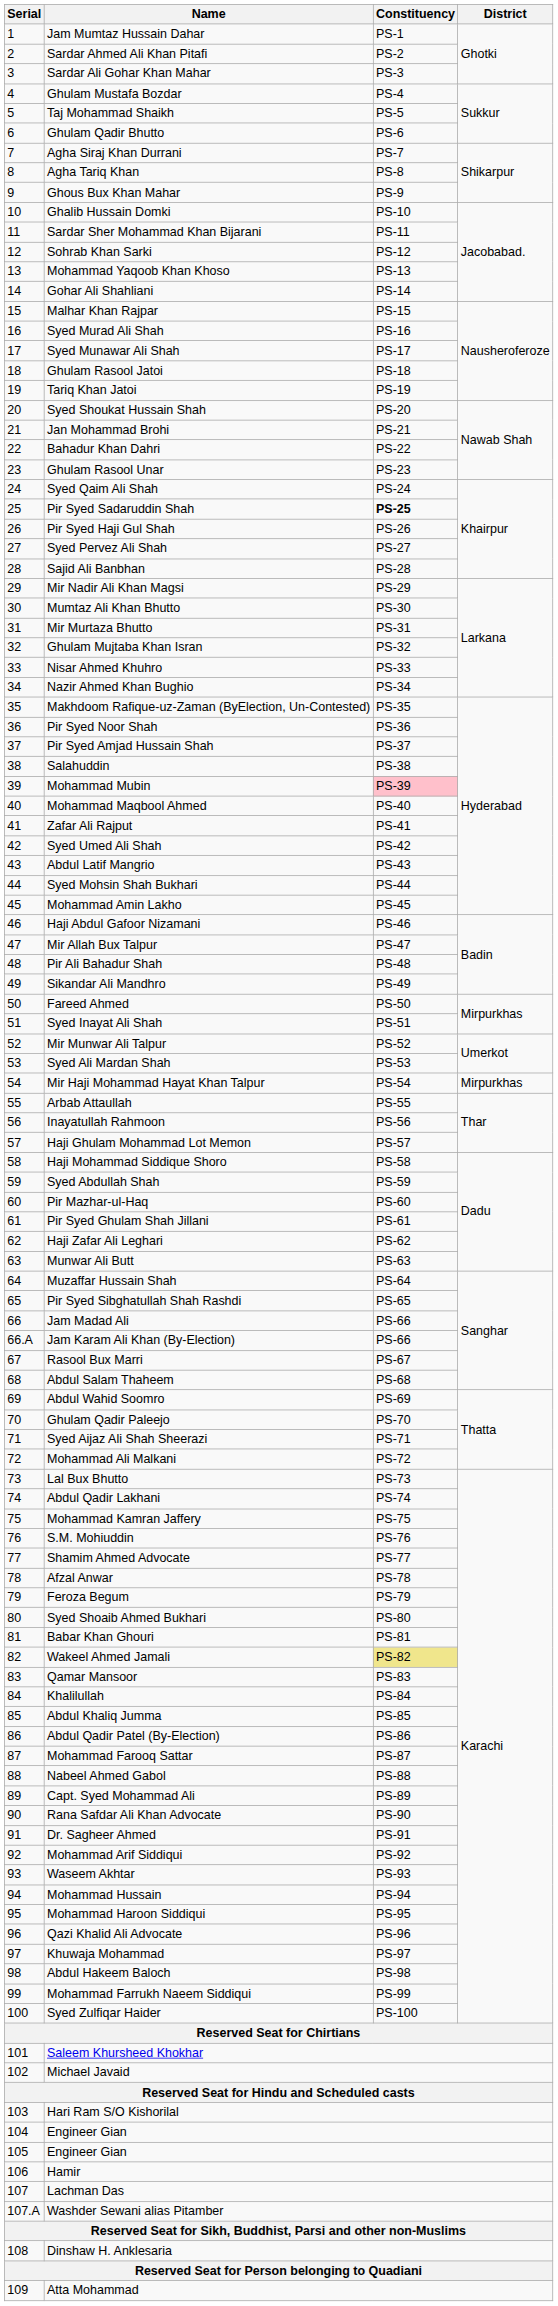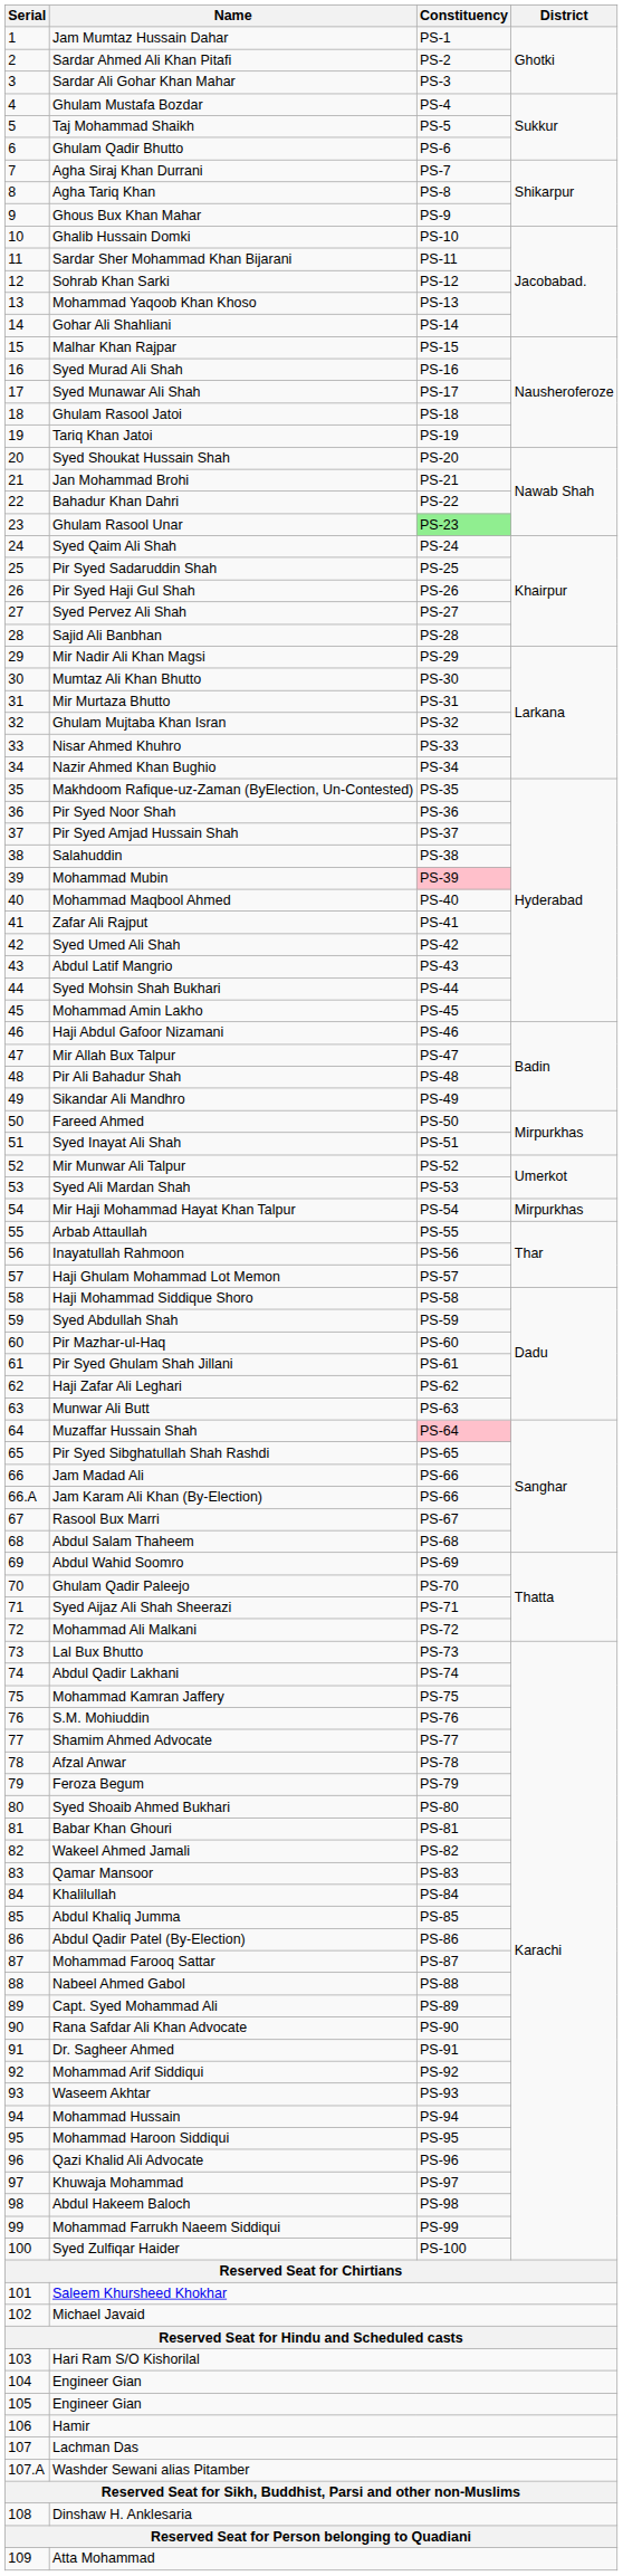 <table class="wikitable">
 <tr>
 <th>Serial</th>
 <th>Name</th>
 <th>Constituency</th>
 <th>District</th>
 </tr>
 <tr>
 <td>1</td>
 <td>Jam Mumtaz Hussain Dahar</td>
 <td>PS-1</td>
 <td rowspan="3">Ghotki</td>
 </tr>
 <tr>
 <td>2</td>
 <td>Sardar Ahmed Ali Khan Pitafi</td>
 <td>PS-2</td>
 </tr>
 <tr>
 <td>3</td>
 <td>Sardar Ali Gohar Khan Mahar</td>
 <td>PS-3</td>
 </tr>
 <tr>
 <td>4</td>
 <td>Ghulam Mustafa Bozdar</td>
 <td>PS-4</td>
 <td rowspan="3">Sukkur</td>
 </tr>
 <tr>
 <td>5</td>
 <td>Taj Mohammad Shaikh</td>
 <td>PS-5</td>
 </tr>
 <tr>
 <td>6</td>
 <td>Ghulam Qadir Bhutto</td>
 <td>PS-6</td>
 </tr>
 <tr>
 <td>7</td>
 <td>Agha Siraj Khan Durrani</td>
 <td>PS-7</td>
 <td rowspan="3">Shikarpur</td>
 </tr>
 <tr>
 <td>8</td>
 <td>Agha Tariq Khan</td>
 <td>PS-8</td>
 </tr>
 <tr>
 <td>9</td>
 <td>Ghous Bux Khan Mahar</td>
 <td>PS-9</td>
 </tr>
 <tr>
 <td>10</td>
 <td>Ghalib Hussain Domki</td>
 <td>PS-10</td>
 <td rowspan="5">Jacobabad.</td>
 </tr>
 <tr>
 <td>11</td>
 <td>Sardar Sher Mohammad Khan Bijarani</td>
 <td>PS-11</td>
 </tr>
 <tr>
 <td>12</td>
 <td>Sohrab Khan Sarki</td>
 <td>PS-12</td>
 </tr>
 <tr>
 <td>13</td>
 <td>Mohammad Yaqoob Khan Khoso</td>
 <td>PS-13</td>
 </tr>
 <tr>
 <td>14</td>
 <td>Gohar Ali Shahliani</td>
 <td>PS-14</td>
 </tr>
 <tr>
 <td>15</td>
 <td>Malhar Khan Rajpar</td>
 <td>PS-15</td>
 <td rowspan="5">Nausheroferoze</td>
 </tr>
 <tr>
 <td>16</td>
 <td>Syed Murad Ali Shah</td>
 <td>PS-16</td>
 </tr>
 <tr>
 <td>17</td>
 <td>Syed Munawar Ali Shah</td>
 <td>PS-17</td>
 </tr>
 <tr>
 <td>18</td>
 <td>Ghulam Rasool Jatoi</td>
 <td>PS-18</td>
 </tr>
 <tr>
 <td>19</td>
 <td>Tariq Khan Jatoi</td>
 <td>PS-19</td>
 </tr>
 <tr>
 <td>20</td>
 <td>Syed Shoukat Hussain Shah</td>
 <td>PS-20</td>
 <td rowspan="4">Nawab Shah</td>
 </tr>
 <tr>
 <td>21</td>
 <td>Jan Mohammad Brohi</td>
 <td>PS-21</td>
 </tr>
 <tr>
 <td>22</td>
 <td>Bahadur Khan Dahri</td>
 <td>PS-22</td>
 </tr>
 <tr>
 <td>23</td>
 <td>Ghulam Rasool Unar</td>
-<td>PS-23</td>
+<td style="background: lightgreen;">PS-23</td>
 </tr>
 <tr>
 <td>24</td>
 <td>Syed Qaim Ali Shah</td>
 <td>PS-24</td>
 <td rowspan="5">Khairpur</td>
 </tr>
 <tr>
 <td>25</td>
 <td>Pir Syed Sadaruddin Shah</td>
-<td><strong>PS-25</strong></td>
+<td>PS-25</td>
 </tr>
 <tr>
 <td>26</td>
 <td>Pir Syed Haji Gul Shah</td>
 <td>PS-26</td>
 </tr>
 <tr>
 <td>27</td>
 <td>Syed Pervez Ali Shah</td>
 <td>PS-27</td>
 </tr>
 <tr>
 <td>28</td>
 <td>Sajid Ali Banbhan</td>
 <td>PS-28</td>
 </tr>
 <tr>
 <td>29</td>
 <td>Mir Nadir Ali Khan Magsi</td>
 <td>PS-29</td>
 <td rowspan="6">Larkana</td>
 </tr>
 <tr>
 <td>30</td>
 <td>Mumtaz Ali Khan Bhutto</td>
 <td>PS-30</td>
 </tr>
 <tr>
 <td>31</td>
 <td>Mir Murtaza Bhutto</td>
 <td>PS-31</td>
 </tr>
 <tr>
 <td>32</td>
 <td>Ghulam Mujtaba Khan Isran</td>
 <td>PS-32</td>
 </tr>
 <tr>
 <td>33</td>
 <td>Nisar Ahmed Khuhro</td>
 <td>PS-33</td>
 </tr>
 <tr>
 <td>34</td>
 <td>Nazir Ahmed Khan Bughio</td>
 <td>PS-34</td>
 </tr>
 <tr>
 <td>35</td>
 <td>Makhdoom Rafique-uz-Zaman (ByElection, Un-Contested)</td>
 <td>PS-35</td>
 <td rowspan="11">Hyderabad</td>
 </tr>
 <tr>
 <td>36</td>
 <td>Pir Syed Noor Shah</td>
 <td>PS-36</td>
 </tr>
 <tr>
 <td>37</td>
 <td>Pir Syed Amjad Hussain Shah</td>
 <td>PS-37</td>
 </tr>
 <tr>
 <td>38</td>
 <td>Salahuddin</td>
 <td>PS-38</td>
 </tr>
 <tr>
 <td>39</td>
 <td>Mohammad Mubin</td>
 <td style="background: pink;">PS-39</td>
 </tr>
 <tr>
 <td>40</td>
 <td>Mohammad Maqbool Ahmed</td>
 <td>PS-40</td>
 </tr>
 <tr>
 <td>41</td>
 <td>Zafar Ali Rajput</td>
 <td>PS-41</td>
 </tr>
 <tr>
 <td>42</td>
 <td>Syed Umed Ali Shah</td>
 <td>PS-42</td>
 </tr>
 <tr>
 <td>43</td>
 <td>Abdul Latif Mangrio</td>
 <td>PS-43</td>
 </tr>
 <tr>
 <td>44</td>
 <td>Syed Mohsin Shah Bukhari</td>
 <td>PS-44</td>
 </tr>
 <tr>
 <td>45</td>
 <td>Mohammad Amin Lakho</td>
 <td>PS-45</td>
 </tr>
 <tr>
 <td>46</td>
 <td>Haji Abdul Gafoor Nizamani</td>
 <td>PS-46</td>
 <td rowspan="4">Badin</td>
 </tr>
 <tr>
 <td>47</td>
 <td>Mir Allah Bux Talpur</td>
 <td>PS-47</td>
 </tr>
 <tr>
 <td>48</td>
 <td>Pir Ali Bahadur Shah</td>
 <td>PS-48</td>
 </tr>
 <tr>
 <td>49</td>
 <td>Sikandar Ali Mandhro</td>
 <td>PS-49</td>
 </tr>
 <tr>
 <td>50</td>
 <td>Fareed Ahmed</td>
 <td>PS-50</td>
 <td rowspan="2">Mirpurkhas</td>
 </tr>
 <tr>
 <td>51</td>
 <td>Syed Inayat Ali Shah</td>
 <td>PS-51</td>
 </tr>
 <tr>
 <td>52</td>
 <td>Mir Munwar Ali Talpur</td>
 <td>PS-52</td>
 <td rowspan="2">Umerkot</td>
 </tr>
 <tr>
 <td>53</td>
 <td>Syed Ali Mardan Shah</td>
 <td>PS-53</td>
 </tr>
 <tr>
 <td>54</td>
 <td>Mir Haji Mohammad Hayat Khan Talpur</td>
 <td>PS-54</td>
 <td>Mirpurkhas</td>
 </tr>
 <tr>
 <td>55</td>
 <td>Arbab Attaullah</td>
 <td>PS-55</td>
 <td rowspan="3">Thar</td>
 </tr>
 <tr>
 <td>56</td>
 <td>Inayatullah Rahmoon</td>
 <td>PS-56</td>
 </tr>
 <tr>
 <td>57</td>
 <td>Haji Ghulam Mohammad Lot Memon</td>
 <td>PS-57</td>
 </tr>
 <tr>
 <td>58</td>
 <td>Haji Mohammad Siddique Shoro</td>
 <td>PS-58</td>
 <td rowspan="6">Dadu</td>
 </tr>
 <tr>
 <td>59</td>
 <td>Syed Abdullah Shah</td>
 <td>PS-59</td>
 </tr>
 <tr>
 <td>60</td>
 <td>Pir Mazhar-ul-Haq</td>
 <td>PS-60</td>
 </tr>
 <tr>
 <td>61</td>
 <td>Pir Syed Ghulam Shah Jillani</td>
 <td>PS-61</td>
 </tr>
 <tr>
 <td>62</td>
 <td>Haji Zafar Ali Leghari</td>
 <td>PS-62</td>
 </tr>
 <tr>
 <td>63</td>
 <td>Munwar Ali Butt</td>
 <td>PS-63</td>
 </tr>
 <tr>
 <td>64</td>
 <td>Muzaffar Hussain Shah</td>
-<td>PS-64</td>
+<td style="background: pink;">PS-64</td>
 <td rowspan="6">Sanghar</td>
 </tr>
 <tr>
 <td>65</td>
 <td>Pir Syed Sibghatullah Shah Rashdi</td>
 <td>PS-65</td>
 </tr>
 <tr>
 <td>66</td>
 <td>Jam Madad Ali</td>
 <td>PS-66</td>
 </tr>
 <tr>
 <td>66.A</td>
 <td>Jam Karam Ali Khan (By-Election)</td>
 <td>PS-66</td>
 </tr>
 <tr>
 <td>67</td>
 <td>Rasool Bux Marri</td>
 <td>PS-67</td>
 </tr>
 <tr>
 <td>68</td>
 <td>Abdul Salam Thaheem</td>
 <td>PS-68</td>
 </tr>
 <tr>
 <td>69</td>
 <td>Abdul Wahid Soomro</td>
 <td>PS-69</td>
 <td rowspan="4">Thatta</td>
 </tr>
 <tr>
 <td>70</td>
 <td>Ghulam Qadir Paleejo</td>
 <td>PS-70</td>
 </tr>
 <tr>
 <td>71</td>
 <td>Syed Aijaz Ali Shah Sheerazi</td>
 <td>PS-71</td>
 </tr>
 <tr>
 <td>72</td>
 <td>Mohammad Ali Malkani</td>
 <td>PS-72</td>
 </tr>
 <tr>
 <td>73</td>
 <td>Lal Bux Bhutto</td>
 <td>PS-73</td>
 <td rowspan="28">Karachi</td>
 </tr>
 <tr>
 <td>74</td>
 <td>Abdul Qadir Lakhani</td>
 <td>PS-74</td>
 </tr>
 <tr>
 <td>75</td>
 <td>Mohammad Kamran Jaffery</td>
 <td>PS-75</td>
 </tr>
 <tr>
 <td>76</td>
 <td>S.M. Mohiuddin</td>
 <td>PS-76</td>
 </tr>
 <tr>
 <td>77</td>
 <td>Shamim Ahmed Advocate</td>
 <td>PS-77</td>
 </tr>
 <tr>
 <td>78</td>
 <td>Afzal Anwar</td>
 <td>PS-78</td>
 </tr>
 <tr>
 <td>79</td>
 <td>Feroza Begum</td>
 <td>PS-79</td>
 </tr>
 <tr>
 <td>80</td>
 <td>Syed Shoaib Ahmed Bukhari</td>
 <td>PS-80</td>
 </tr>
 <tr>
 <td>81</td>
 <td>Babar Khan Ghouri</td>
 <td>PS-81</td>
 </tr>
 <tr>
 <td>82</td>
 <td>Wakeel Ahmed Jamali</td>
-<td style="background: khaki;">PS-82</td>
+<td>PS-82</td>
 </tr>
 <tr>
 <td>83</td>
 <td>Qamar Mansoor</td>
 <td>PS-83</td>
 </tr>
 <tr>
 <td>84</td>
 <td>Khalilullah</td>
 <td>PS-84</td>
 </tr>
 <tr>
 <td>85</td>
 <td>Abdul Khaliq Jumma</td>
 <td>PS-85</td>
 </tr>
 <tr>
 <td>86</td>
 <td>Abdul Qadir Patel (By-Election)</td>
 <td>PS-86</td>
 </tr>
 <tr>
 <td>87</td>
 <td>Mohammad Farooq Sattar</td>
 <td>PS-87</td>
 </tr>
 <tr>
 <td>88</td>
 <td>Nabeel Ahmed Gabol</td>
 <td>PS-88</td>
 </tr>
 <tr>
 <td>89</td>
 <td>Capt. Syed Mohammad Ali</td>
 <td>PS-89</td>
 </tr>
 <tr>
 <td>90</td>
 <td>Rana Safdar Ali Khan Advocate</td>
 <td>PS-90</td>
 </tr>
 <tr>
 <td>91</td>
 <td>Dr. Sagheer Ahmed</td>
 <td>PS-91</td>
 </tr>
 <tr>
 <td>92</td>
 <td>Mohammad Arif Siddiqui</td>
 <td>PS-92</td>
 </tr>
 <tr>
 <td>93</td>
 <td>Waseem Akhtar</td>
 <td>PS-93</td>
 </tr>
 <tr>
 <td>94</td>
 <td>Mohammad Hussain</td>
 <td>PS-94</td>
 </tr>
 <tr>
 <td>95</td>
 <td>Mohammad Haroon Siddiqui</td>
 <td>PS-95</td>
 </tr>
 <tr>
 <td>96</td>
 <td>Qazi Khalid Ali Advocate</td>
 <td>PS-96</td>
 </tr>
 <tr>
 <td>97</td>
 <td>Khuwaja Mohammad</td>
 <td>PS-97</td>
 </tr>
 <tr>
 <td>98</td>
 <td>Abdul Hakeem Baloch</td>
 <td>PS-98</td>
 </tr>
 <tr>
 <td>99</td>
 <td>Mohammad Farrukh Naeem Siddiqui</td>
 <td>PS-99</td>
 </tr>
 <tr>
 <td>100</td>
 <td>Syed Zulfiqar Haider</td>
 <td>PS-100</td>
 </tr>
 <tr>
 <th colspan="4"><strong>Reserved Seat for Chirtians</strong></th>
 </tr>
 <tr>
 <td>101</td>
 <td colspan="3"><a href='#'>Saleem Khursheed Khokhar</a></td>
 </tr>
 <tr>
 <td>102</td>
 <td colspan="3">Michael Javaid</td>
 </tr>
 <tr>
 <th colspan="4"><strong>Reserved Seat for Hindu and Scheduled casts</strong></th>
 </tr>
 <tr>
 <td>103</td>
 <td colspan="3">Hari Ram S/O Kishorilal</td>
 </tr>
 <tr>
 <td>104</td>
 <td colspan="3">Engineer Gian</td>
 </tr>
 <tr>
 <td>105</td>
 <td colspan="3">Engineer Gian</td>
 </tr>
 <tr>
 <td>106</td>
 <td colspan="3">Hamir</td>
 </tr>
 <tr>
 <td>107</td>
 <td colspan="3">Lachman Das</td>
 </tr>
 <tr>
 <td>107.A</td>
 <td colspan="3">Washder Sewani alias Pitamber</td>
 </tr>
 <tr>
 <th colspan="4"><strong>Reserved Seat for Sikh, Buddhist, Parsi and other non-Muslims</strong></th>
 </tr>
 <tr>
 <td>108</td>
 <td colspan="3">Dinshaw H. Anklesaria</td>
 </tr>
 <tr>
 <th colspan="4"><strong>Reserved Seat for Person belonging to Quadiani</strong></th>
 </tr>
 <tr>
 <td>109</td>
 <td colspan="3">Atta Mohammad</td>
 </tr>
 </table>
